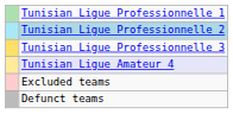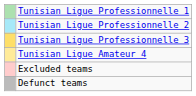 <table class="wikitable" style="text-align:left; font-size:95%;">
 <tr>
 <td style="width:10px; background:#ace1af;"></td>
 <td><a href='#'>Tunisian Ligue Professionnelle 1</a></td>
 </tr>
 <tr>
 <td style="width:10px; background:#A7E9F8;"></td>
-<td style="background: lightblue;"><a href='#'>Tunisian Ligue Professionnelle 2</a></td>
+<td><a href='#'>Tunisian Ligue Professionnelle 2</a></td>
 </tr>
 <tr>
 <td style="width:10px; background:#FEDF68;"></td>
 <td><a href='#'>Tunisian Ligue Professionnelle 3</a></td>
 </tr>
 <tr>
 <td style="width:10px; background:#FFEB9A;"></td>
-<td style="background: lavender;"><a href='#'>Tunisian Ligue Amateur 4</a></td>
+<td><a href='#'>Tunisian Ligue Amateur 4</a></td>
 </tr>
 <tr>
 <td style="width:10px; background:#ffcccc;"></td>
 <td>Excluded teams</td>
 </tr>
 <tr>
 <td style="width:10px; background:#bbb;"></td>
 <td>Defunct teams</td>
 </tr>
 </table>
